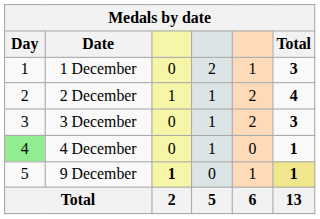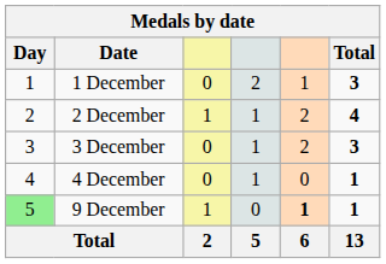 <table class="wikitable" style="font-size:90%; text-align:center;">
 <tr style="background:#efefef;">
 <th colspan=6><strong>Medals by date</strong></th>
 </tr>
 <tr>
 <th width=30><strong>Day</strong></th>
 <th width=90><strong>Date</strong></th>
 <th width=30 style="background:#F7F6A8;"></th>
 <th width=30 style="background:#DCE5E5;"></th>
 <th width=30 style="background:#FFDAB9;"></th>
 <th width=30><strong>Total</strong></th>
 </tr>
 <tr>
 <td>1</td>
 <td>1 December</td>
 <td style="background:#F7F6A8;">0</td>
 <td style="background:#DCE5E5;">2</td>
 <td style="background:#FFDAB9;">1</td>
 <td><strong>3</strong></td>
 </tr>
 <tr>
 <td>2</td>
 <td>2 December</td>
 <td style="background:#F7F6A8;">1</td>
 <td style="background:#DCE5E5;">1</td>
 <td style="background:#FFDAB9;">2</td>
 <td><strong>4</strong></td>
 </tr>
 <tr>
 <td>3</td>
 <td>3 December</td>
 <td style="background:#F7F6A8;">0</td>
 <td style="background:#DCE5E5;">1</td>
 <td style="background:#FFDAB9;">2</td>
 <td><strong>3</strong></td>
 </tr>
 <tr>
-<td style="background: lightgreen;">4</td>
+<td>4</td>
 <td>4 December</td>
 <td style="background:#F7F6A8;">0</td>
 <td style="background:#DCE5E5;">1</td>
 <td style="background:#FFDAB9;">0</td>
 <td><strong>1</strong></td>
 </tr>
 <tr>
-<td>5</td>
+<td style="background: lightgreen;">5</td>
 <td>9 December</td>
-<td style="background:#F7F6A8;"><strong>1</strong></td>
+<td style="background:#F7F6A8;">1</td>
 <td style="background:#DCE5E5;">0</td>
-<td style="background:#FFDAB9;">1</td>
-<td style="background: khaki;"><strong>1</strong></td>
+<td style="background:#FFDAB9;"><strong>1</strong></td>
+<td><strong>1</strong></td>
 </tr>
 <tr>
 <th colspan="2"><strong>Total</strong></th>
 <th><strong>2</strong></th>
 <th><strong>5</strong></th>
 <th><strong>6</strong></th>
 <th><strong>13</strong></th>
 </tr>
 </table>
